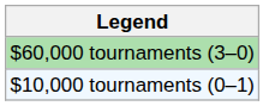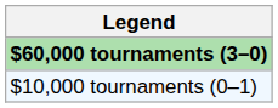 <table class="wikitable" style="font-size:85%">
 <tr>
 <th>Legend</th>
 </tr>
 <tr style="background:#addfad;">
-<td>$60,000 tournaments (3–0)</td>
+<td><strong>$60,000 tournaments (3–0)</strong></td>
 </tr>
 <tr style="background:#f0f8ff;">
 <td>$10,000 tournaments (0–1)</td>
 </tr>
 </table>
